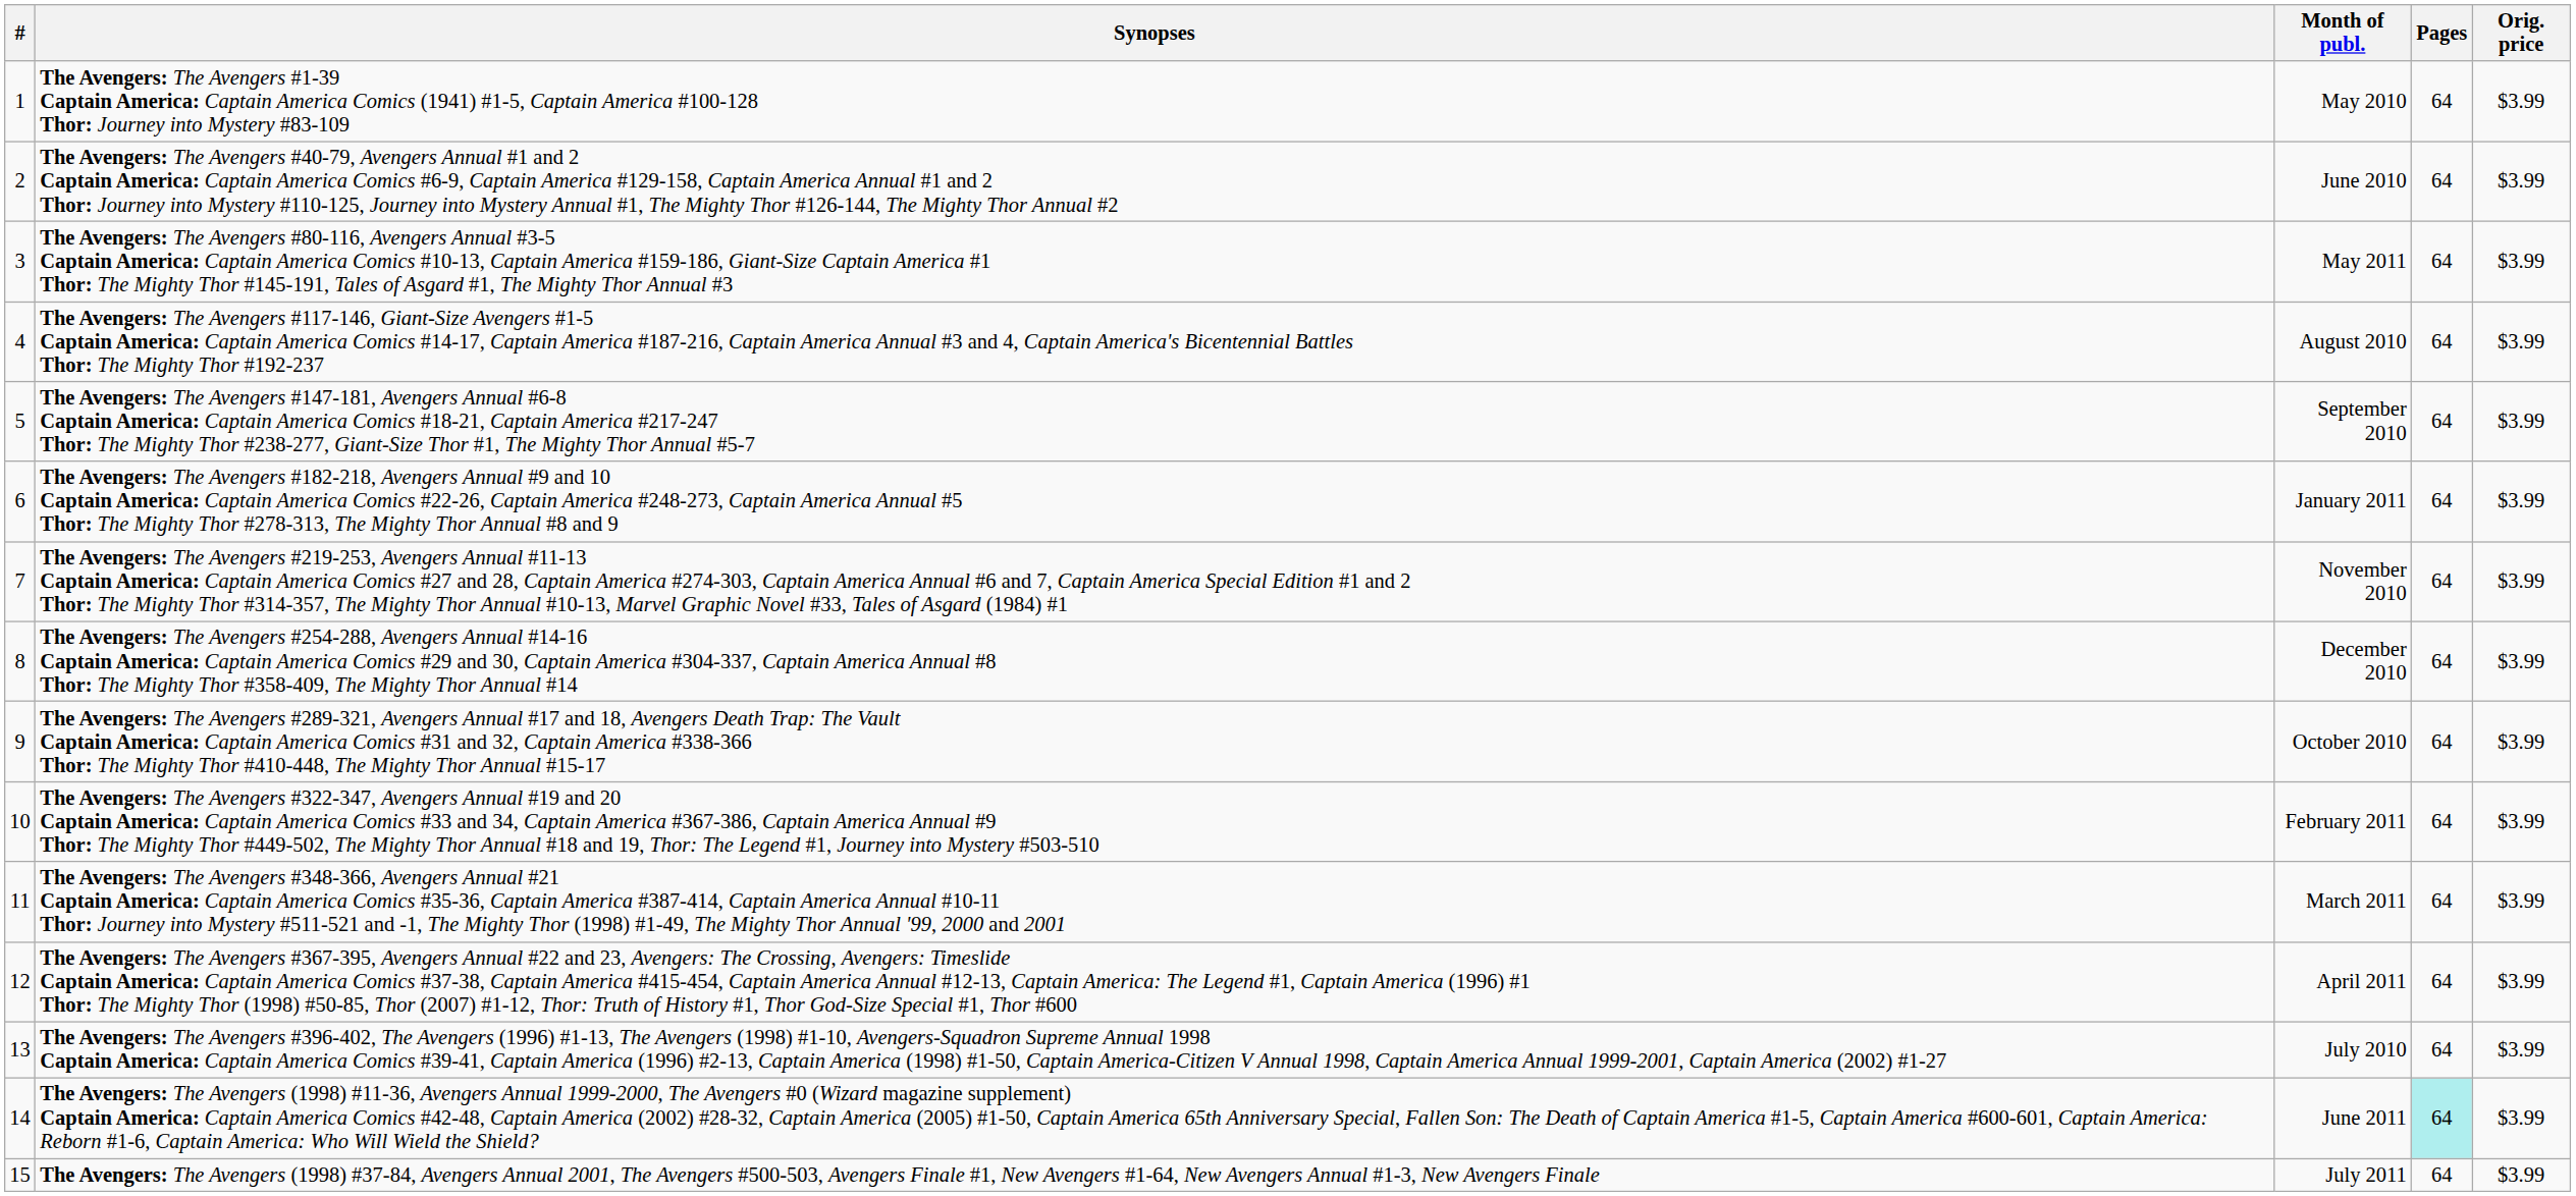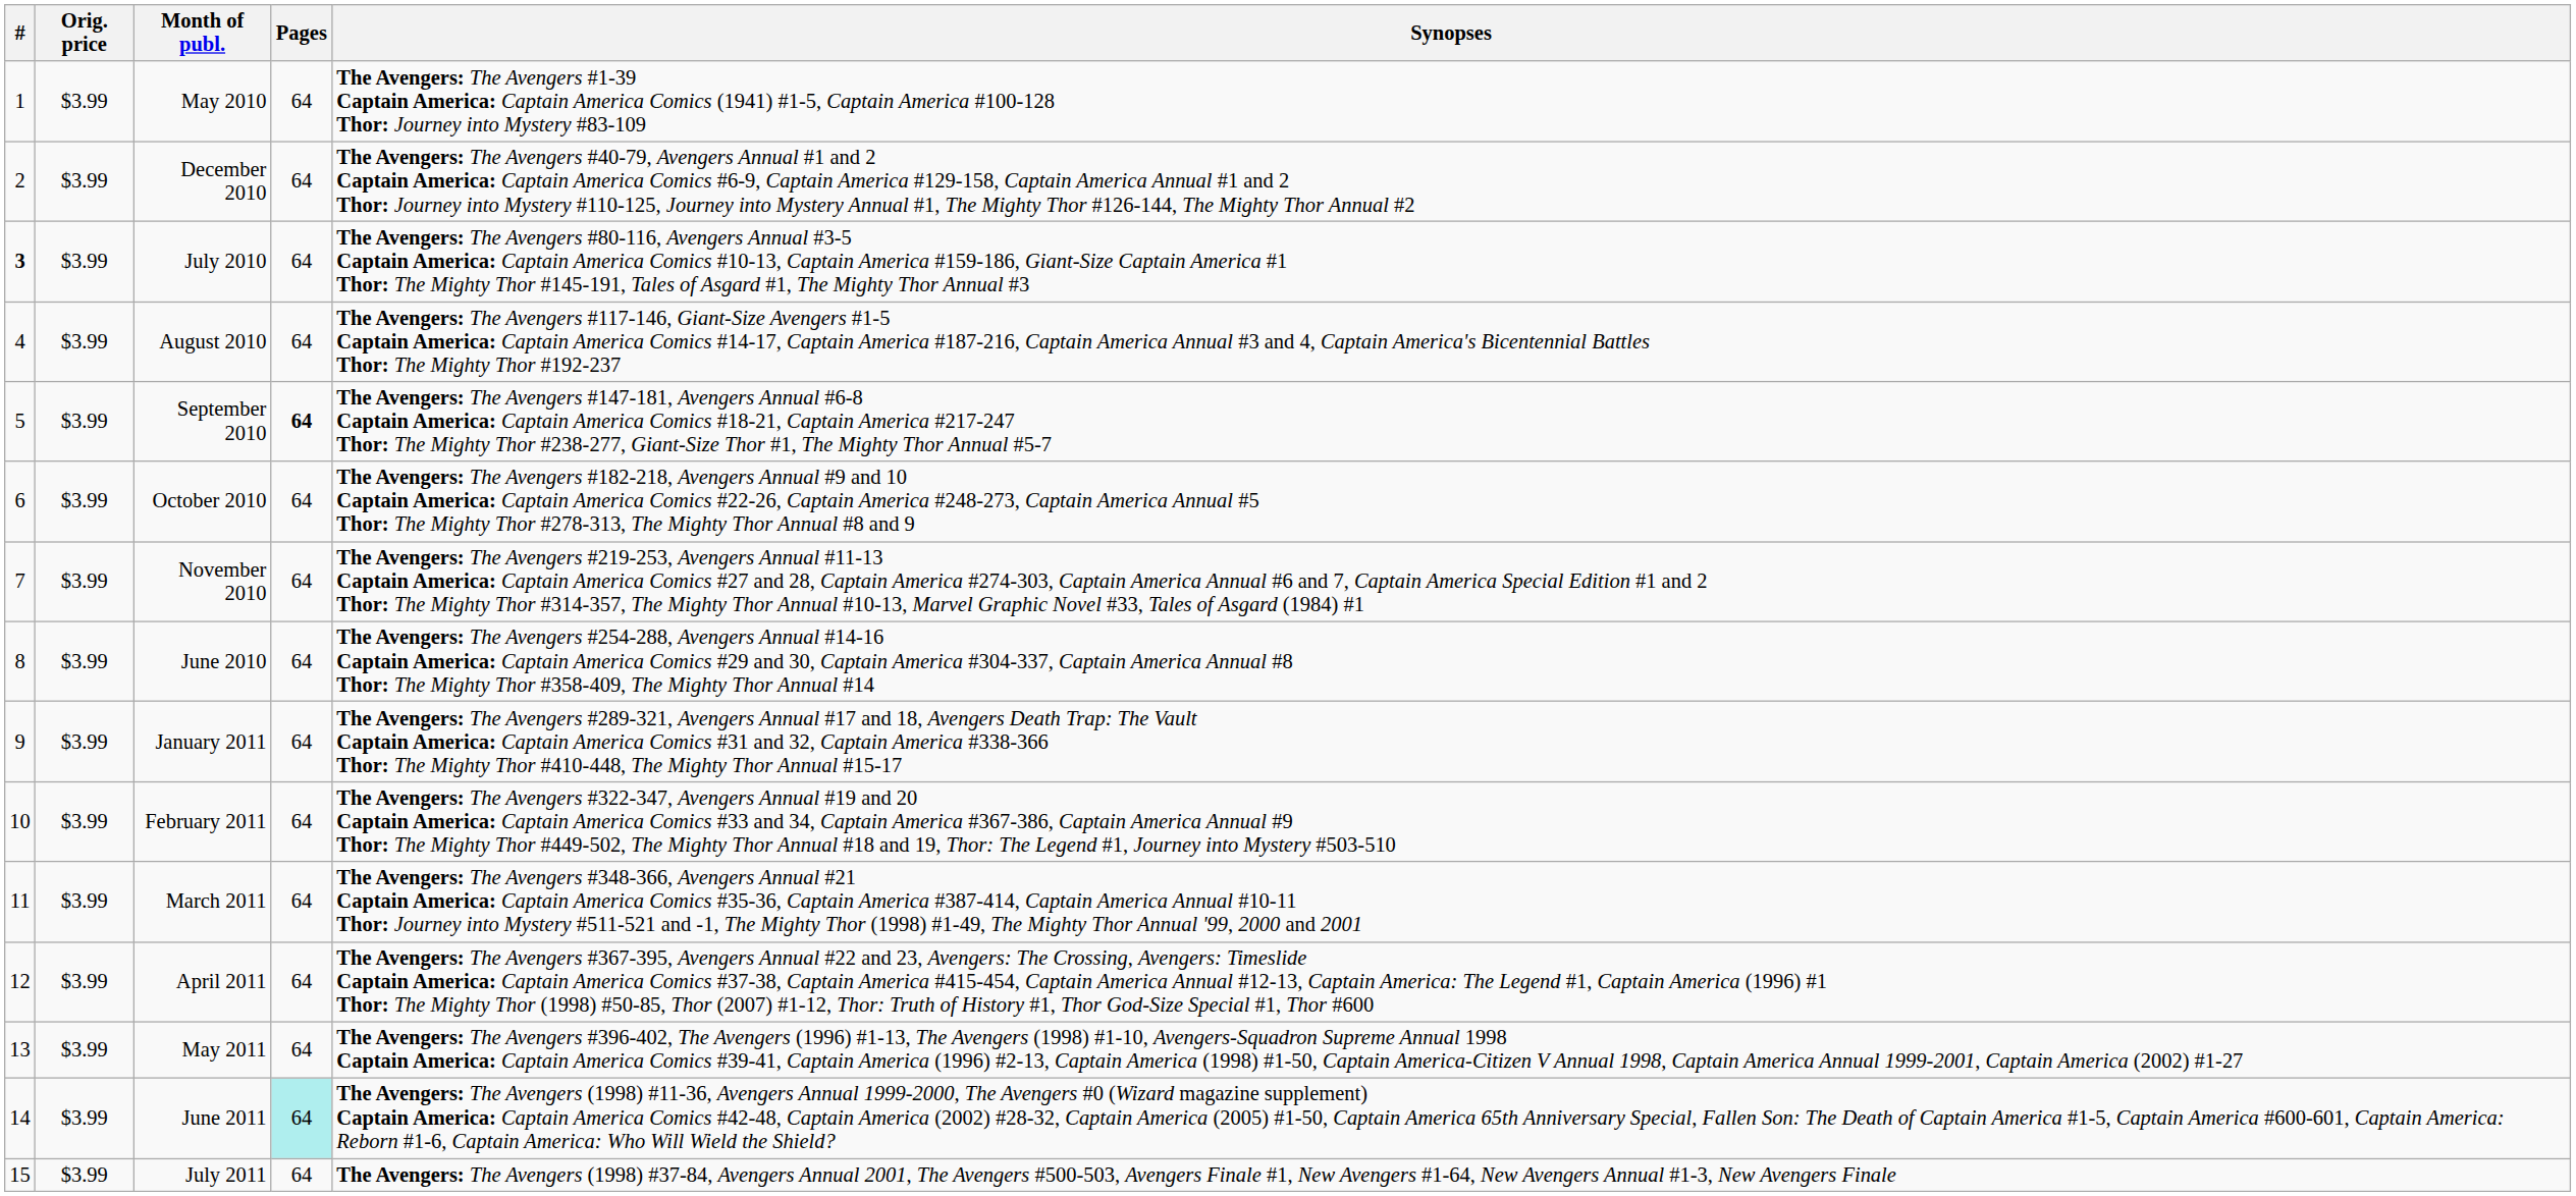 <table class="wikitable">
 <tr>
 <th>#</th>
-<th>Synopses</th>
+<th>Orig. price</th>
 <th>Month of <a href='#'>publ.</a></th>
 <th>Pages</th>
-<th>Orig. price</th>
+<th>Synopses</th>
 </tr>
 <tr align="center">
 <td>1</td>
-<td align="left"><strong>The Avengers:</strong> <em>The Avengers</em> #1-39<br><strong>Captain America:</strong> <em>Captain America Comics</em> (1941) #1-5, <em>Captain America</em> #100-128<br><strong>Thor:</strong> <em>Journey into Mystery</em> #83-109</td>
+<td>$3.99</td>
 <td align="right">May 2010</td>
 <td>64</td>
-<td>$3.99</td>
+<td align="left"><strong>The Avengers:</strong> <em>The Avengers</em> #1-39<br><strong>Captain America:</strong> <em>Captain America Comics</em> (1941) #1-5, <em>Captain America</em> #100-128<br><strong>Thor:</strong> <em>Journey into Mystery</em> #83-109</td>
 </tr>
 <tr align="center">
 <td>2</td>
+<td>$3.99</td>
+<td align="right">December 2010</td>
+<td>64</td>
 <td align="left"><strong>The Avengers:</strong> <em>The Avengers</em> #40-79, <em>Avengers Annual</em> #1 and 2<br><strong>Captain America:</strong> <em>Captain America Comics</em> #6-9, <em>Captain America</em> #129-158, <em>Captain America Annual</em> #1 and 2<br><strong>Thor:</strong> <em>Journey into Mystery</em> #110-125, <em>Journey into Mystery Annual</em> #1, <em>The Mighty Thor</em> #126-144, <em>The Mighty Thor Annual</em> #2</td>
-<td align="right">June 2010</td>
-<td>64</td>
-<td>$3.99</td>
 </tr>
 <tr align="center">
-<td>3</td>
+<td><strong>3</strong></td>
+<td>$3.99</td>
+<td align="right">July 2010</td>
+<td>64</td>
 <td align="left"><strong>The Avengers:</strong> <em>The Avengers</em> #80-116, <em>Avengers Annual</em> #3-5<br><strong>Captain America:</strong> <em>Captain America Comics</em> #10-13, <em>Captain America</em> #159-186, <em>Giant-Size Captain America</em> #1<br><strong>Thor:</strong> <em>The Mighty Thor</em> #145-191, <em>Tales of Asgard</em> #1, <em>The Mighty Thor Annual</em> #3</td>
-<td align="right">May 2011</td>
-<td>64</td>
-<td>$3.99</td>
 </tr>
 <tr align="center">
 <td>4</td>
-<td align="left"><strong>The Avengers:</strong> <em>The Avengers</em> #117-146, <em>Giant-Size Avengers</em> #1-5<br><strong>Captain America:</strong> <em>Captain America Comics</em> #14-17, <em>Captain America</em> #187-216, <em>Captain America Annual</em> #3 and 4, <em>Captain America's Bicentennial Battles</em><br><strong>Thor:</strong> <em>The Mighty Thor</em> #192-237</td>
+<td>$3.99</td>
 <td align="right">August 2010</td>
 <td>64</td>
-<td>$3.99</td>
+<td align="left"><strong>The Avengers:</strong> <em>The Avengers</em> #117-146, <em>Giant-Size Avengers</em> #1-5<br><strong>Captain America:</strong> <em>Captain America Comics</em> #14-17, <em>Captain America</em> #187-216, <em>Captain America Annual</em> #3 and 4, <em>Captain America's Bicentennial Battles</em><br><strong>Thor:</strong> <em>The Mighty Thor</em> #192-237</td>
 </tr>
 <tr align="center">
 <td>5</td>
+<td>$3.99</td>
+<td align="right">September 2010</td>
+<td><strong>64</strong></td>
 <td align="left"><strong>The Avengers:</strong> <em>The Avengers</em> #147-181, <em>Avengers Annual</em> #6-8<br><strong>Captain America:</strong> <em>Captain America Comics</em> #18-21, <em>Captain America</em> #217-247<br><strong>Thor:</strong> <em>The Mighty Thor</em> #238-277, <em>Giant-Size Thor</em> #1, <em>The Mighty Thor Annual</em> #5-7</td>
-<td align="right">September 2010</td>
-<td>64</td>
-<td>$3.99</td>
 </tr>
 <tr align="center">
 <td>6</td>
+<td>$3.99</td>
+<td align="right">October 2010</td>
+<td>64</td>
 <td align="left"><strong>The Avengers:</strong> <em>The Avengers</em> #182-218, <em>Avengers Annual</em> #9 and 10<br><strong>Captain America:</strong> <em>Captain America Comics</em> #22-26, <em>Captain America</em> #248-273, <em>Captain America Annual</em> #5<br><strong>Thor:</strong> <em>The Mighty Thor</em> #278-313, <em>The Mighty Thor Annual</em> #8 and 9</td>
-<td align="right">January 2011</td>
-<td>64</td>
-<td>$3.99</td>
 </tr>
 <tr align="center">
 <td>7</td>
-<td align="left"><strong>The Avengers:</strong> <em>The Avengers</em> #219-253, <em>Avengers Annual</em> #11-13<br><strong>Captain America:</strong> <em>Captain America Comics</em> #27 and 28, <em>Captain America</em> #274-303, <em>Captain America Annual</em> #6 and 7, <em>Captain America Special Edition</em> #1 and 2<br><strong>Thor:</strong> <em>The Mighty Thor</em> #314-357, <em>The Mighty Thor Annual</em> #10-13, <em>Marvel Graphic Novel</em> #33, <em>Tales of Asgard</em> (1984) #1</td>
+<td>$3.99</td>
 <td align="right">November 2010</td>
 <td>64</td>
-<td>$3.99</td>
+<td align="left"><strong>The Avengers:</strong> <em>The Avengers</em> #219-253, <em>Avengers Annual</em> #11-13<br><strong>Captain America:</strong> <em>Captain America Comics</em> #27 and 28, <em>Captain America</em> #274-303, <em>Captain America Annual</em> #6 and 7, <em>Captain America Special Edition</em> #1 and 2<br><strong>Thor:</strong> <em>The Mighty Thor</em> #314-357, <em>The Mighty Thor Annual</em> #10-13, <em>Marvel Graphic Novel</em> #33, <em>Tales of Asgard</em> (1984) #1</td>
 </tr>
 <tr align="center">
 <td>8</td>
+<td>$3.99</td>
+<td align="right">June 2010</td>
+<td>64</td>
 <td align="left"><strong>The Avengers:</strong> <em>The Avengers</em> #254-288, <em>Avengers Annual</em> #14-16<br><strong>Captain America:</strong> <em>Captain America Comics</em> #29 and 30, <em>Captain America</em> #304-337, <em>Captain America Annual</em> #8<br><strong>Thor:</strong> <em>The Mighty Thor</em> #358-409, <em>The Mighty Thor Annual</em> #14</td>
-<td align="right">December 2010</td>
-<td>64</td>
-<td>$3.99</td>
 </tr>
 <tr align="center">
 <td>9</td>
+<td>$3.99</td>
+<td align="right">January 2011</td>
+<td>64</td>
 <td align="left"><strong>The Avengers:</strong> <em>The Avengers</em> #289-321, <em>Avengers Annual</em> #17 and 18, <em>Avengers Death Trap: The Vault</em><br><strong>Captain America:</strong> <em>Captain America Comics</em> #31 and 32, <em>Captain America</em> #338-366<br><strong>Thor:</strong> <em>The Mighty Thor</em> #410-448, <em>The Mighty Thor Annual</em> #15-17</td>
-<td align="right">October 2010</td>
-<td>64</td>
-<td>$3.99</td>
 </tr>
 <tr align="center">
 <td>10</td>
-<td align="left"><strong>The Avengers:</strong> <em>The Avengers</em> #322-347, <em>Avengers Annual</em> #19 and 20<br><strong>Captain America:</strong> <em>Captain America Comics</em> #33 and 34, <em>Captain America</em> #367-386, <em>Captain America Annual</em> #9<br><strong>Thor:</strong> <em>The Mighty Thor</em> #449-502, <em>The Mighty Thor Annual</em> #18 and 19, <em>Thor: The Legend</em> #1, <em>Journey into Mystery</em> #503-510</td>
+<td>$3.99</td>
 <td align="right">February 2011</td>
 <td>64</td>
-<td>$3.99</td>
+<td align="left"><strong>The Avengers:</strong> <em>The Avengers</em> #322-347, <em>Avengers Annual</em> #19 and 20<br><strong>Captain America:</strong> <em>Captain America Comics</em> #33 and 34, <em>Captain America</em> #367-386, <em>Captain America Annual</em> #9<br><strong>Thor:</strong> <em>The Mighty Thor</em> #449-502, <em>The Mighty Thor Annual</em> #18 and 19, <em>Thor: The Legend</em> #1, <em>Journey into Mystery</em> #503-510</td>
 </tr>
 <tr align="center">
 <td>11</td>
-<td align="left"><strong>The Avengers:</strong> <em>The Avengers</em> #348-366, <em>Avengers Annual</em> #21<br><strong>Captain America:</strong> <em>Captain America Comics</em> #35-36, <em>Captain America</em> #387-414, <em>Captain America Annual</em> #10-11<br><strong>Thor:</strong> <em>Journey into Mystery</em> #511-521 and -1, <em>The Mighty Thor</em> (1998) #1-49, <em>The Mighty Thor Annual '99</em>, <em>2000</em> and <em>2001</em></td>
+<td>$3.99</td>
 <td align="right">March 2011</td>
 <td>64</td>
-<td>$3.99</td>
+<td align="left"><strong>The Avengers:</strong> <em>The Avengers</em> #348-366, <em>Avengers Annual</em> #21<br><strong>Captain America:</strong> <em>Captain America Comics</em> #35-36, <em>Captain America</em> #387-414, <em>Captain America Annual</em> #10-11<br><strong>Thor:</strong> <em>Journey into Mystery</em> #511-521 and -1, <em>The Mighty Thor</em> (1998) #1-49, <em>The Mighty Thor Annual '99</em>, <em>2000</em> and <em>2001</em></td>
 </tr>
 <tr align="center">
 <td>12</td>
-<td align="left"><strong>The Avengers:</strong> <em>The Avengers</em> #367-395, <em>Avengers Annual</em> #22 and 23, <em>Avengers: The Crossing</em>, <em>Avengers: Timeslide</em><br><strong>Captain America:</strong> <em>Captain America Comics</em> #37-38, <em>Captain America</em> #415-454, <em>Captain America Annual</em> #12-13, <em>Captain America: The Legend</em> #1, <em>Captain America</em> (1996) #1<br><strong>Thor:</strong> <em>The Mighty Thor</em> (1998) #50-85, <em>Thor</em> (2007) #1-12, <em>Thor: Truth of History</em> #1, <em>Thor God-Size Special</em> #1, <em>Thor</em> #600</td>
+<td>$3.99</td>
 <td align="right">April 2011</td>
 <td>64</td>
-<td>$3.99</td>
+<td align="left"><strong>The Avengers:</strong> <em>The Avengers</em> #367-395, <em>Avengers Annual</em> #22 and 23, <em>Avengers: The Crossing</em>, <em>Avengers: Timeslide</em><br><strong>Captain America:</strong> <em>Captain America Comics</em> #37-38, <em>Captain America</em> #415-454, <em>Captain America Annual</em> #12-13, <em>Captain America: The Legend</em> #1, <em>Captain America</em> (1996) #1<br><strong>Thor:</strong> <em>The Mighty Thor</em> (1998) #50-85, <em>Thor</em> (2007) #1-12, <em>Thor: Truth of History</em> #1, <em>Thor God-Size Special</em> #1, <em>Thor</em> #600</td>
 </tr>
 <tr align="center">
 <td>13</td>
+<td>$3.99</td>
+<td align="right">May 2011</td>
+<td>64</td>
 <td align="left"><strong>The Avengers:</strong> <em>The Avengers</em> #396-402,  <em>The Avengers</em> (1996) #1-13, <em>The Avengers</em> (1998) #1-10, <em>Avengers-Squadron Supreme Annual</em> 1998<br><strong>Captain America:</strong> <em>Captain America Comics</em> #39-41, <em>Captain America</em> (1996) #2-13, <em>Captain America</em> (1998) #1-50, <em>Captain America-Citizen V Annual 1998</em>, <em>Captain America Annual 1999</em>-<em>2001</em>, <em>Captain America</em> (2002) #1-27</td>
-<td align="right">July 2010</td>
-<td>64</td>
-<td>$3.99</td>
 </tr>
 <tr align="center">
 <td>14</td>
-<td align="left"><strong>The Avengers:</strong> <em>The Avengers</em> (1998) #11-36, <em>Avengers Annual 1999</em>-<em>2000</em>, <em>The Avengers</em> #0 (<em>Wizard</em> magazine supplement)<br><strong>Captain America:</strong> <em>Captain America Comics</em> #42-48, <em>Captain America</em> (2002) #28-32, <em>Captain America</em> (2005) #1-50, <em>Captain America 65th Anniversary Special</em>, <em>Fallen Son: The Death of Captain America</em> #1-5, <em>Captain America</em> #600-601,  <em>Captain America: Reborn</em> #1-6,  <em>Captain America: Who Will Wield the Shield?</em></td>
+<td>$3.99</td>
 <td align="right">June 2011</td>
 <td style="background: paleturquoise;">64</td>
-<td>$3.99</td>
+<td align="left"><strong>The Avengers:</strong> <em>The Avengers</em> (1998) #11-36, <em>Avengers Annual 1999</em>-<em>2000</em>, <em>The Avengers</em> #0 (<em>Wizard</em> magazine supplement)<br><strong>Captain America:</strong> <em>Captain America Comics</em> #42-48, <em>Captain America</em> (2002) #28-32, <em>Captain America</em> (2005) #1-50, <em>Captain America 65th Anniversary Special</em>, <em>Fallen Son: The Death of Captain America</em> #1-5, <em>Captain America</em> #600-601,  <em>Captain America: Reborn</em> #1-6,  <em>Captain America: Who Will Wield the Shield?</em></td>
 </tr>
 <tr align="center">
 <td>15</td>
-<td align="left"><strong>The Avengers:</strong> <em>The Avengers</em> (1998) #37-84, <em>Avengers Annual 2001</em>, <em>The Avengers</em> #500-503, <em>Avengers Finale</em> #1, <em>New Avengers</em>  #1-64, <em>New Avengers Annual</em> #1-3, <em>New Avengers Finale</em></td>
+<td>$3.99</td>
 <td align="right">July 2011</td>
 <td>64</td>
-<td>$3.99</td>
+<td align="left"><strong>The Avengers:</strong> <em>The Avengers</em> (1998) #37-84, <em>Avengers Annual 2001</em>, <em>The Avengers</em> #500-503, <em>Avengers Finale</em> #1, <em>New Avengers</em>  #1-64, <em>New Avengers Annual</em> #1-3, <em>New Avengers Finale</em></td>
 </tr>
 </table>
